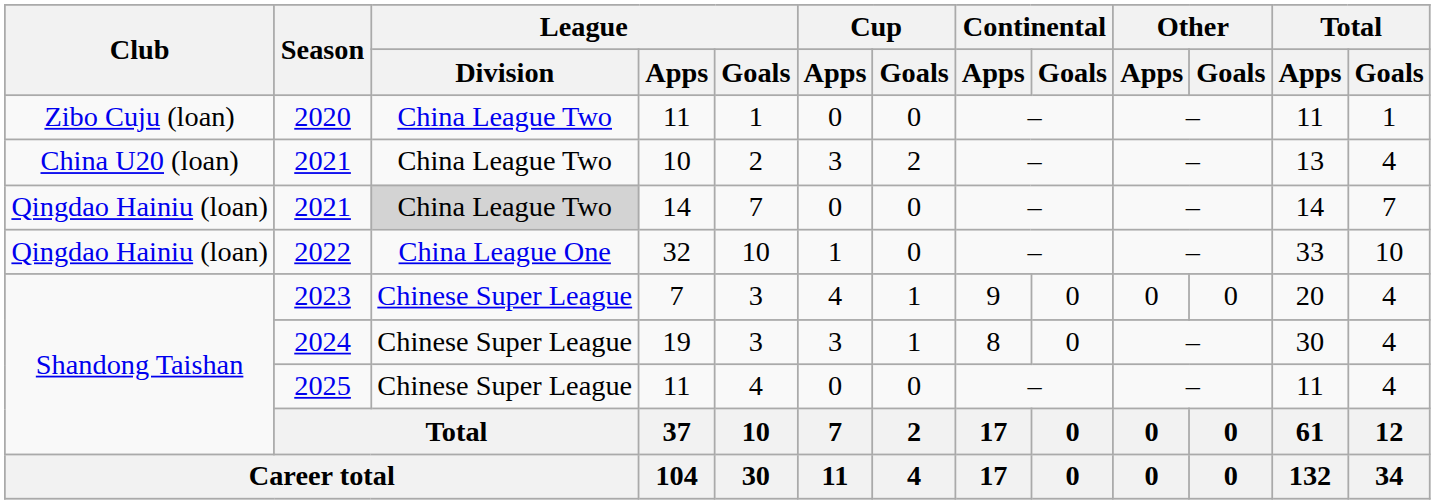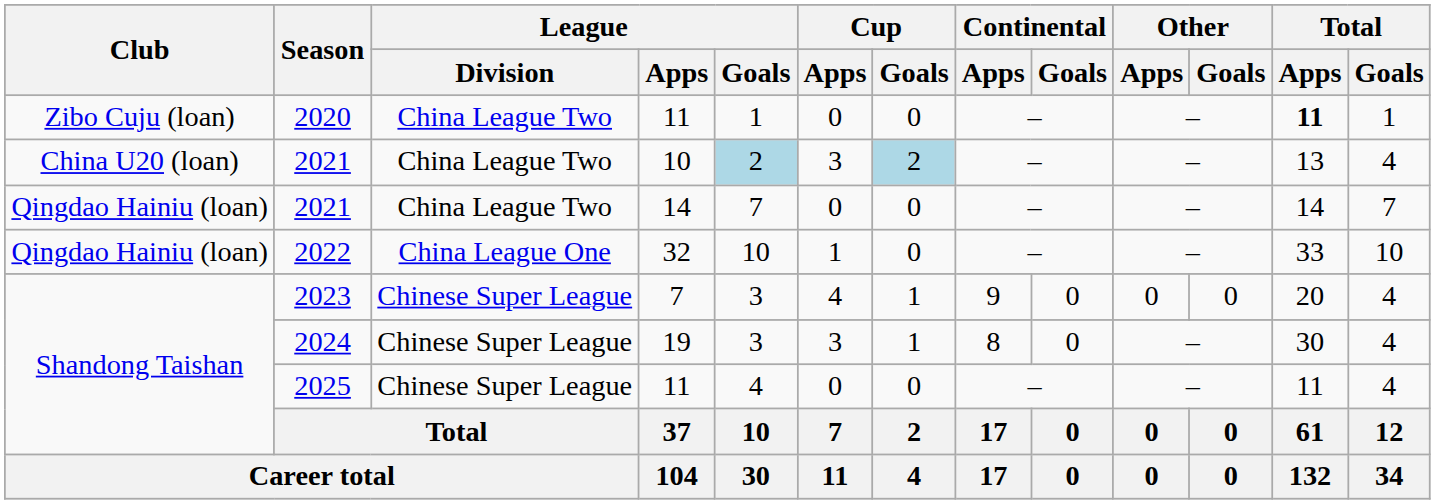 <table class="wikitable" style="text-align: center">
 <tr>
 <th rowspan="2">Club</th>
 <th rowspan="2">Season</th>
 <th colspan="3">League</th>
 <th colspan="2">Cup</th>
 <th colspan="2">Continental</th>
 <th colspan="2">Other</th>
 <th colspan="2">Total</th>
 </tr>
 <tr>
 <th>Division</th>
 <th>Apps</th>
 <th>Goals</th>
 <th>Apps</th>
 <th>Goals</th>
 <th>Apps</th>
 <th>Goals</th>
 <th>Apps</th>
 <th>Goals</th>
 <th>Apps</th>
 <th>Goals</th>
 </tr>
 <tr>
 <td><a href='#'>Zibo Cuju</a> (loan)</td>
 <td><a href='#'>2020</a></td>
 <td><a href='#'>China League Two</a></td>
 <td>11</td>
 <td>1</td>
 <td>0</td>
 <td>0</td>
 <td colspan="2">–</td>
 <td colspan="2">–</td>
-<td>11</td>
+<td><strong>11</strong></td>
 <td>1</td>
 </tr>
 <tr>
 <td><a href='#'>China U20</a> (loan)</td>
 <td><a href='#'>2021</a></td>
 <td>China League Two</td>
 <td>10</td>
-<td>2</td>
+<td style="background: lightblue;">2</td>
 <td>3</td>
-<td>2</td>
+<td style="background: lightblue;">2</td>
 <td colspan="2">–</td>
 <td colspan="2">–</td>
 <td>13</td>
 <td>4</td>
 </tr>
 <tr>
 <td><a href='#'>Qingdao Hainiu</a> (loan)</td>
 <td><a href='#'>2021</a></td>
-<td style="background: lightgrey;">China League Two</td>
+<td>China League Two</td>
 <td>14</td>
 <td>7</td>
 <td>0</td>
 <td>0</td>
 <td colspan="2">–</td>
 <td colspan="2">–</td>
 <td>14</td>
 <td>7</td>
 </tr>
 <tr>
 <td><a href='#'>Qingdao Hainiu</a> (loan)</td>
 <td><a href='#'>2022</a></td>
 <td><a href='#'>China League One</a></td>
 <td>32</td>
 <td>10</td>
 <td>1</td>
 <td>0</td>
 <td colspan="2">–</td>
 <td colspan="2">–</td>
 <td>33</td>
 <td>10</td>
 </tr>
 <tr>
 <td rowspan="4"><a href='#'>Shandong Taishan</a></td>
 <td><a href='#'>2023</a></td>
 <td><a href='#'>Chinese Super League</a></td>
 <td>7</td>
 <td>3</td>
 <td>4</td>
 <td>1</td>
 <td>9</td>
 <td>0</td>
 <td>0</td>
 <td>0</td>
 <td>20</td>
 <td>4</td>
 </tr>
 <tr>
 <td><a href='#'>2024</a></td>
 <td>Chinese Super League</td>
 <td>19</td>
 <td>3</td>
 <td>3</td>
 <td>1</td>
 <td>8</td>
 <td>0</td>
 <td colspan="2">–</td>
 <td>30</td>
 <td>4</td>
 </tr>
 <tr>
 <td><a href='#'>2025</a></td>
 <td>Chinese Super League</td>
 <td>11</td>
 <td>4</td>
 <td>0</td>
 <td>0</td>
 <td colspan="2">–</td>
 <td colspan="2">–</td>
 <td>11</td>
 <td>4</td>
 </tr>
 <tr>
 <th colspan=2>Total</th>
 <th>37</th>
 <th>10</th>
 <th>7</th>
 <th>2</th>
 <th>17</th>
 <th>0</th>
 <th>0</th>
 <th>0</th>
 <th>61</th>
 <th>12</th>
 </tr>
 <tr>
 <th colspan=3>Career total</th>
 <th>104</th>
 <th>30</th>
 <th>11</th>
 <th>4</th>
 <th>17</th>
 <th>0</th>
 <th>0</th>
 <th>0</th>
 <th>132</th>
 <th>34</th>
 </tr>
 </table>
